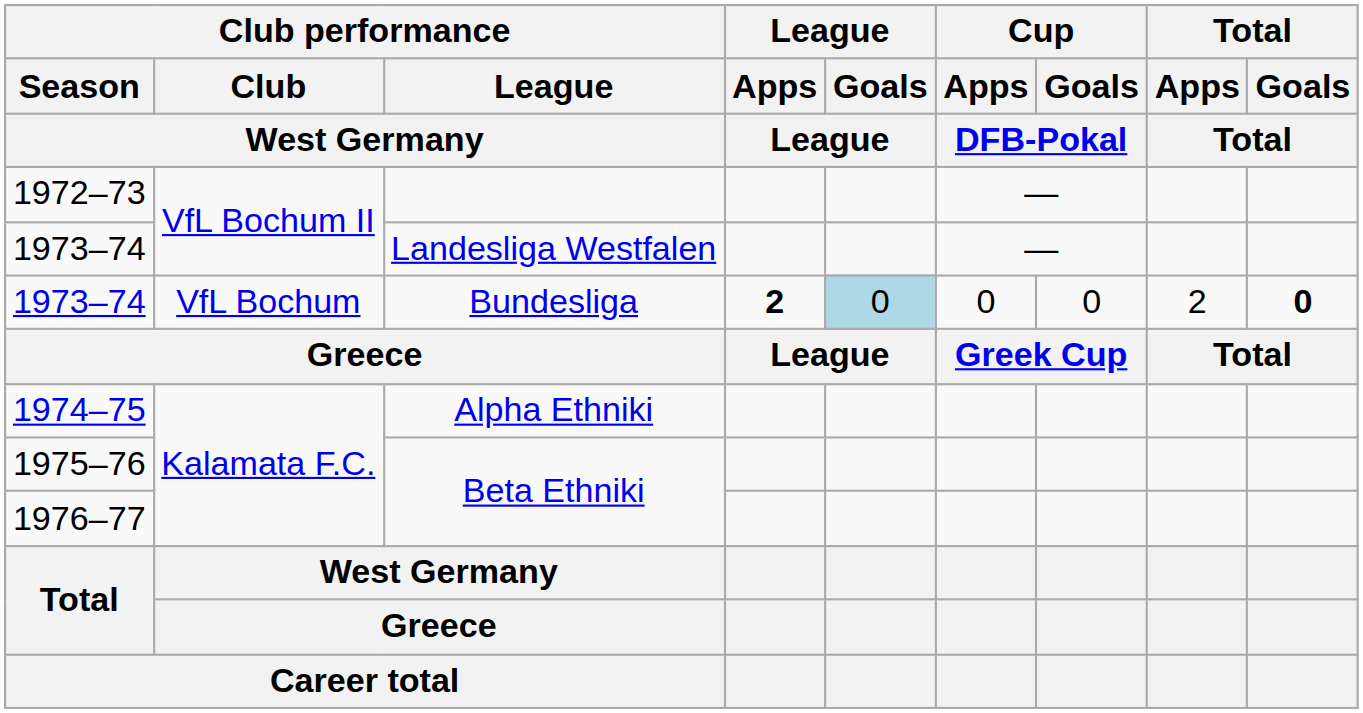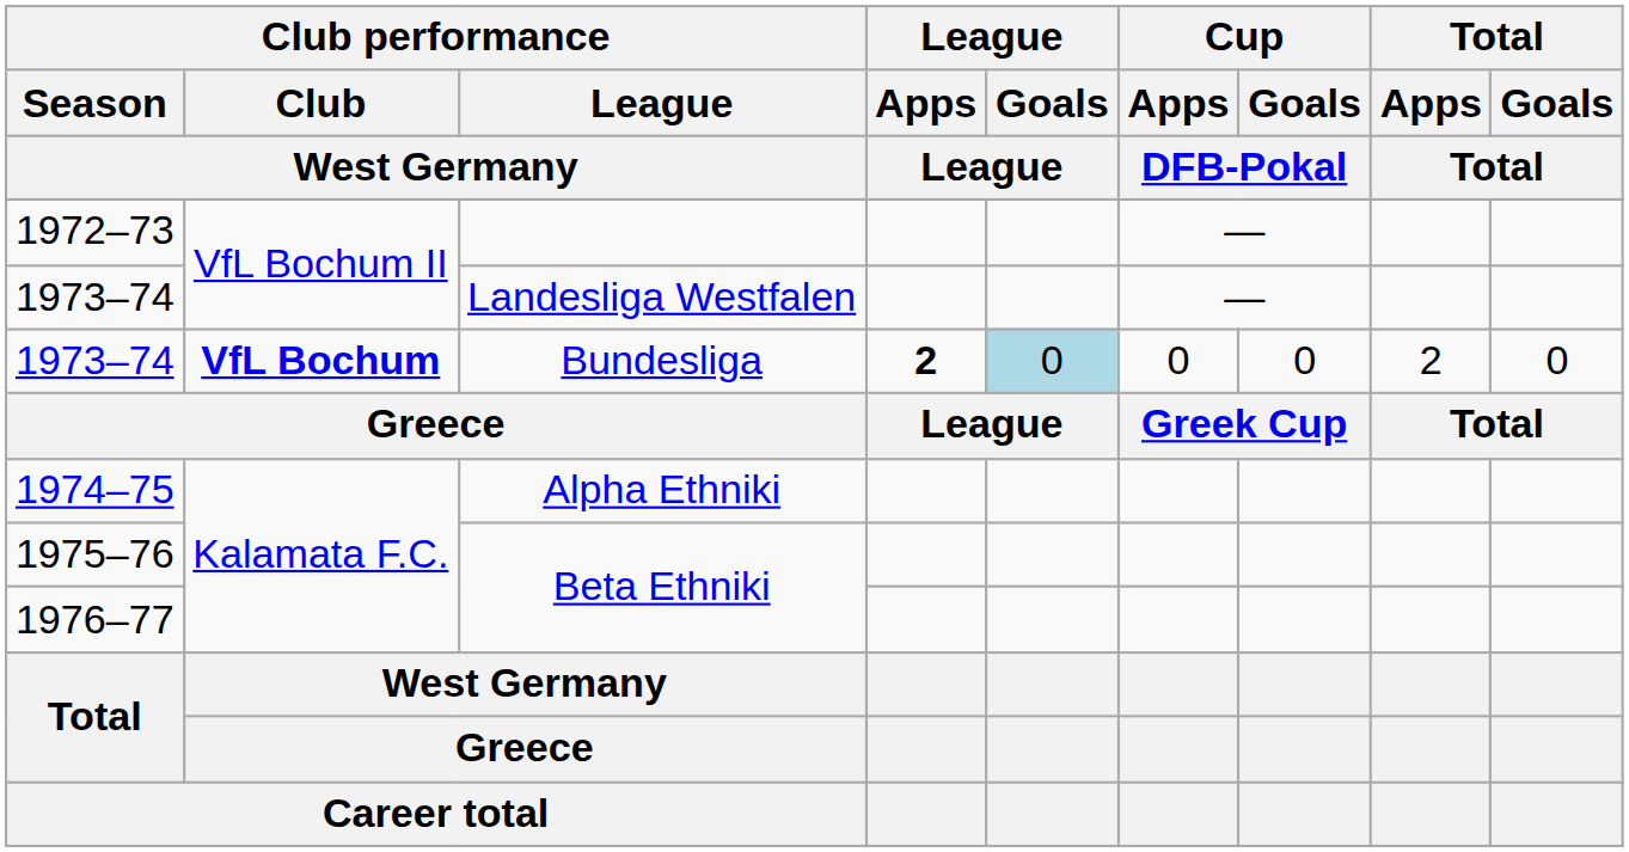 <table class="wikitable" style="text-align:center">
 <tr>
 <th colspan=3>Club performance</th>
 <th colspan=2>League</th>
 <th colspan=2>Cup</th>
 <th colspan=2>Total</th>
 </tr>
 <tr>
 <th>Season</th>
 <th>Club</th>
 <th>League</th>
 <th>Apps</th>
 <th>Goals</th>
 <th>Apps</th>
 <th>Goals</th>
 <th>Apps</th>
 <th>Goals</th>
 </tr>
 <tr>
 <th colspan=3>West Germany</th>
 <th colspan=2>League</th>
 <th colspan=2><a href='#'>DFB-Pokal</a></th>
 <th colspan=2>Total</th>
 </tr>
 <tr>
 <td>1972–73</td>
 <td rowspan="2"><a href='#'>VfL Bochum II</a></td>
 <td></td>
 <td></td>
 <td></td>
 <td colspan="2">—</td>
 <td></td>
 <td></td>
 </tr>
 <tr>
 <td>1973–74</td>
 <td><a href='#'>Landesliga Westfalen</a></td>
 <td></td>
 <td></td>
 <td colspan="2">—</td>
 <td></td>
 <td></td>
 </tr>
 <tr>
 <td><a href='#'>1973–74</a></td>
-<td><a href='#'>VfL Bochum</a></td>
+<td><strong><a href='#'>VfL Bochum</a></strong></td>
 <td><a href='#'>Bundesliga</a></td>
 <td><strong>2</strong></td>
 <td style="background: lightblue;">0</td>
 <td>0</td>
 <td>0</td>
 <td>2</td>
-<td><strong>0</strong></td>
+<td>0</td>
 </tr>
 <tr>
 <th colspan=3>Greece</th>
 <th colspan=2>League</th>
 <th colspan=2><a href='#'>Greek Cup</a></th>
 <th colspan=2>Total</th>
 </tr>
 <tr>
 <td><a href='#'>1974–75</a></td>
 <td rowspan="3"><a href='#'>Kalamata F.C.</a></td>
 <td><a href='#'>Alpha Ethniki</a></td>
 <td></td>
 <td></td>
 <td></td>
 <td></td>
 <td></td>
 <td></td>
 </tr>
 <tr>
 <td>1975–76</td>
 <td rowspan="2"><a href='#'>Beta Ethniki</a></td>
 <td></td>
 <td></td>
 <td></td>
 <td></td>
 <td></td>
 <td></td>
 </tr>
 <tr>
 <td>1976–77</td>
 <td></td>
 <td></td>
 <td></td>
 <td></td>
 <td></td>
 <td></td>
 </tr>
 <tr>
 <th rowspan=2>Total</th>
 <th colspan=2>West Germany</th>
 <th></th>
 <th></th>
 <th></th>
 <th></th>
 <th></th>
 <th></th>
 </tr>
 <tr>
 <th colspan=2>Greece</th>
 <th></th>
 <th></th>
 <th></th>
 <th></th>
 <th></th>
 <th></th>
 </tr>
 <tr>
 <th colspan=3>Career total</th>
 <th></th>
 <th></th>
 <th></th>
 <th></th>
 <th></th>
 <th></th>
 </tr>
 </table>
